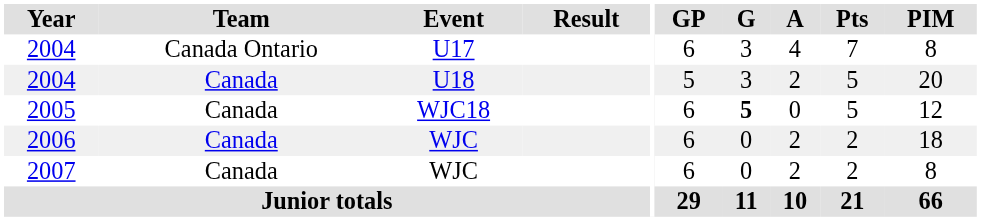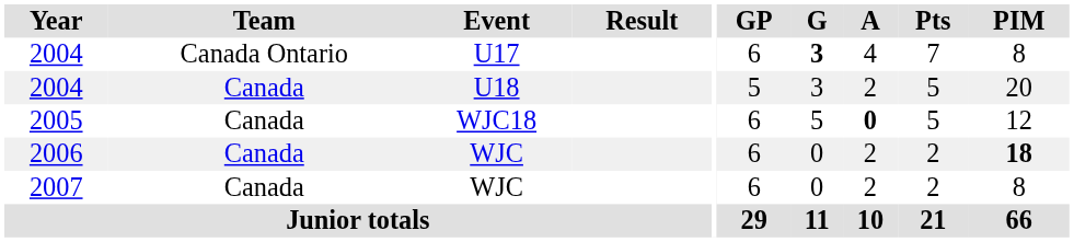 <table border="0" cellpadding="1" cellspacing="0" ID="Table3" style="text-align:center; width:40em">
 <tr ALIGN="center" bgcolor="#e0e0e0">
 <th>Year</th>
 <th>Team</th>
 <th>Event</th>
 <th>Result</th>
 <th rowspan="99" bgcolor="#ffffff"></th>
 <th>GP</th>
 <th>G</th>
 <th>A</th>
 <th>Pts</th>
 <th>PIM</th>
 </tr>
 <tr>
 <td><a href='#'>2004</a></td>
 <td>Canada Ontario</td>
 <td><a href='#'>U17</a></td>
 <td></td>
 <td>6</td>
-<td>3</td>
+<td><strong>3</strong></td>
 <td>4</td>
 <td>7</td>
 <td>8</td>
 </tr>
 <tr bgcolor="#f0f0f0">
 <td><a href='#'>2004</a></td>
 <td><a href='#'>Canada</a></td>
 <td><a href='#'>U18</a></td>
 <td></td>
 <td>5</td>
 <td>3</td>
 <td>2</td>
 <td>5</td>
 <td>20</td>
 </tr>
 <tr>
 <td><a href='#'>2005</a></td>
 <td>Canada</td>
 <td><a href='#'>WJC18</a></td>
 <td></td>
 <td>6</td>
-<td><strong>5</strong></td>
-<td>0</td>
+<td>5</td>
+<td><strong>0</strong></td>
 <td>5</td>
 <td>12</td>
 </tr>
 <tr bgcolor="#f0f0f0">
 <td><a href='#'>2006</a></td>
 <td><a href='#'>Canada</a></td>
 <td><a href='#'>WJC</a></td>
 <td></td>
 <td>6</td>
 <td>0</td>
 <td>2</td>
 <td>2</td>
-<td>18</td>
+<td><strong>18</strong></td>
 </tr>
 <tr>
 <td><a href='#'>2007</a></td>
 <td>Canada</td>
 <td>WJC</td>
 <td></td>
 <td>6</td>
 <td>0</td>
 <td>2</td>
 <td>2</td>
 <td>8</td>
 </tr>
 <tr bgcolor="#e0e0e0">
 <th colspan=4>Junior totals</th>
 <th>29</th>
 <th>11</th>
 <th>10</th>
 <th>21</th>
 <th>66</th>
 </tr>
 </table>
